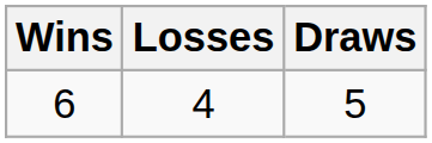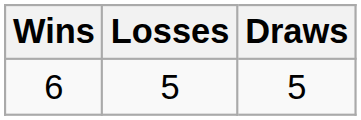 <table class="wikitable">
 <tr>
 <th>Wins</th>
 <th>Losses</th>
 <th>Draws</th>
 </tr>
 <tr>
 <td align=center>6</td>
-<td align=center>4</td>
+<td align=center>5</td>
 <td align=center>5</td>
 </tr>
 </table>
